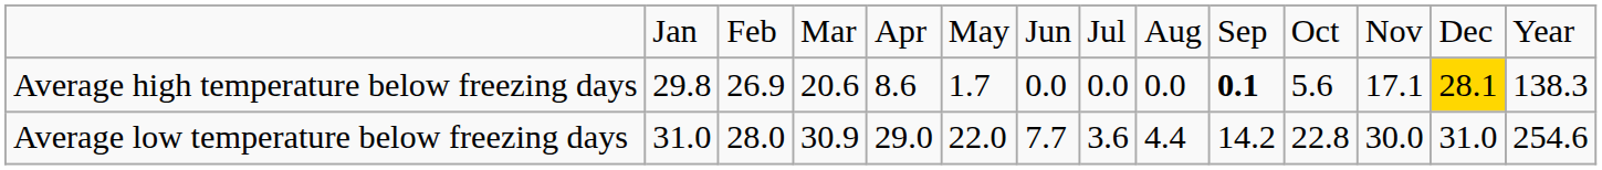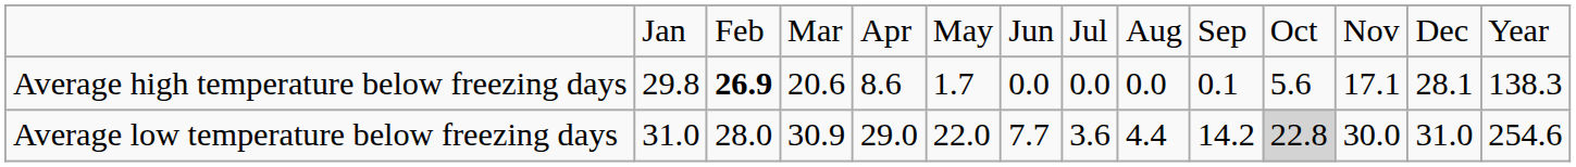 <table class="wikitable" align=center>
 <tr>
 <td></td>
 <td>Jan</td>
 <td>Feb</td>
 <td>Mar</td>
 <td>Apr</td>
 <td>May</td>
 <td>Jun</td>
 <td>Jul</td>
 <td>Aug</td>
 <td>Sep</td>
 <td>Oct</td>
 <td>Nov</td>
 <td>Dec</td>
 <td>Year</td>
 </tr>
 <tr>
 <td>Average high temperature below freezing days</td>
 <td>29.8</td>
-<td>26.9</td>
+<td><strong>26.9</strong></td>
 <td>20.6</td>
 <td>8.6</td>
 <td>1.7</td>
 <td>0.0</td>
 <td>0.0</td>
 <td>0.0</td>
-<td><strong>0.1</strong></td>
+<td>0.1</td>
 <td>5.6</td>
 <td>17.1</td>
-<td style="background: gold;">28.1</td>
+<td>28.1</td>
 <td>138.3</td>
 </tr>
 <tr>
 <td>Average low temperature below freezing days</td>
 <td>31.0</td>
 <td>28.0</td>
 <td>30.9</td>
 <td>29.0</td>
 <td>22.0</td>
 <td>7.7</td>
 <td>3.6</td>
 <td>4.4</td>
 <td>14.2</td>
-<td>22.8</td>
+<td style="background: lightgrey;">22.8</td>
 <td>30.0</td>
 <td>31.0</td>
 <td>254.6</td>
 </tr>
 </table>
